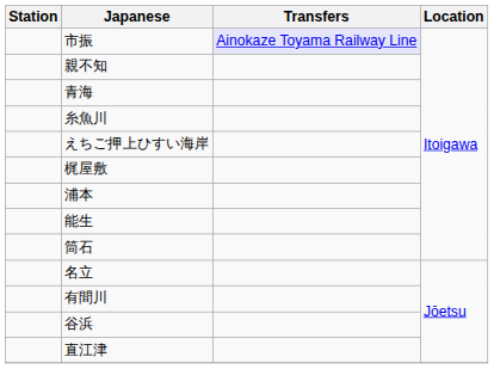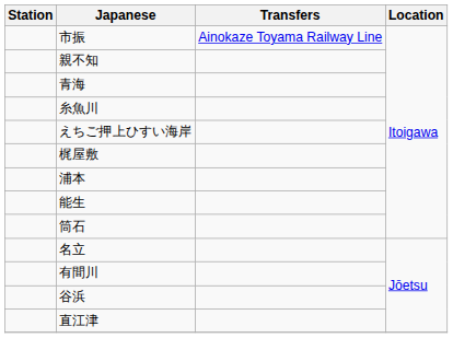 <table class="wikitable">
 <tr>
 <th>Station</th>
 <th>Japanese</th>
 <th>Transfers</th>
 <th>Location</th>
 </tr>
 <tr>
 <td></td>
 <td>市振</td>
-<td style="background: lavender;"> <a href='#'>Ainokaze Toyama Railway Line</a></td>
+<td> <a href='#'>Ainokaze Toyama Railway Line</a></td>
 <td rowspan="9"><a href='#'>Itoigawa</a></td>
 </tr>
 <tr>
 <td></td>
 <td>親不知</td>
 <td> </td>
 </tr>
 <tr>
 <td></td>
 <td>青海</td>
 <td> </td>
 </tr>
 <tr>
 <td></td>
 <td>糸魚川</td>
 <td></td>
 </tr>
 <tr>
 <td></td>
 <td>えちご押上ひすい海岸</td>
 <td> </td>
 </tr>
 <tr>
 <td></td>
 <td>梶屋敷</td>
 <td> </td>
 </tr>
 <tr>
 <td></td>
 <td>浦本</td>
 <td> </td>
 </tr>
 <tr>
 <td></td>
 <td>能生</td>
 <td> </td>
 </tr>
 <tr>
 <td></td>
 <td>筒石</td>
 <td> </td>
 </tr>
 <tr>
 <td></td>
 <td>名立</td>
 <td> </td>
 <td rowspan="4"><a href='#'>Jōetsu</a></td>
 </tr>
 <tr>
 <td></td>
 <td>有間川</td>
 <td> </td>
 </tr>
 <tr>
 <td></td>
 <td>谷浜</td>
 <td> </td>
 </tr>
 <tr>
 <td></td>
 <td>直江津</td>
 <td></td>
 </tr>
 <tr>
 </tr>
 </table>
